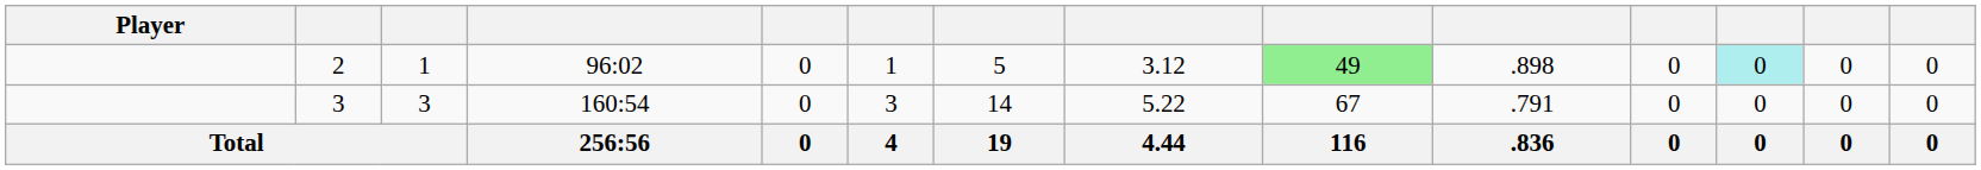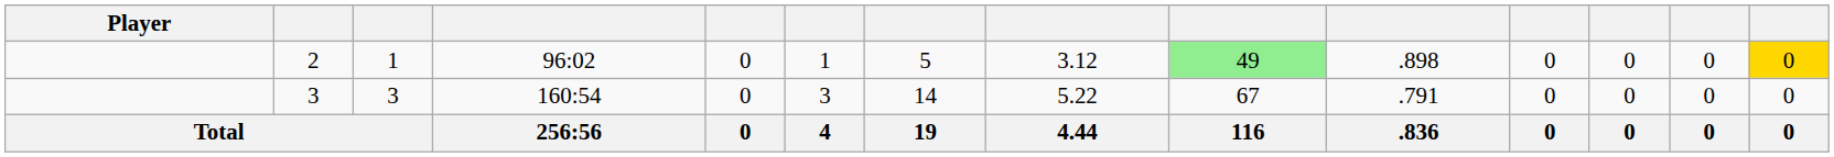 <table class="wikitable sortable" style="width:100%;">
 <tr style="text-align:center; background:#ddd;">
 <th>Player</th>
 <th></th>
 <th></th>
 <th></th>
 <th></th>
 <th></th>
 <th></th>
 <th></th>
 <th></th>
 <th></th>
 <th></th>
 <th></th>
 <th></th>
 <th></th>
 </tr>
 <tr align=center>
 <td></td>
 <td>2</td>
 <td>1</td>
 <td>96:02</td>
 <td>0</td>
 <td>1</td>
 <td>5</td>
 <td>3.12</td>
 <td style="background: lightgreen;">49</td>
 <td>.898</td>
 <td>0</td>
-<td style="background: paleturquoise;">0</td>
 <td>0</td>
 <td>0</td>
+<td style="background: gold;">0</td>
 </tr>
 <tr align=center>
 <td></td>
 <td>3</td>
 <td>3</td>
 <td>160:54</td>
 <td>0</td>
 <td>3</td>
 <td>14</td>
 <td>5.22</td>
 <td>67</td>
 <td>.791</td>
 <td>0</td>
 <td>0</td>
 <td>0</td>
 <td>0</td>
 </tr>
 <tr class="sortbotom">
 <th colspan=3>Total</th>
 <th>256:56</th>
 <th>0</th>
 <th>4</th>
 <th>19</th>
 <th>4.44</th>
 <th>116</th>
 <th>.836</th>
 <th>0</th>
 <th>0</th>
 <th>0</th>
 <th>0</th>
 </tr>
 </table>
